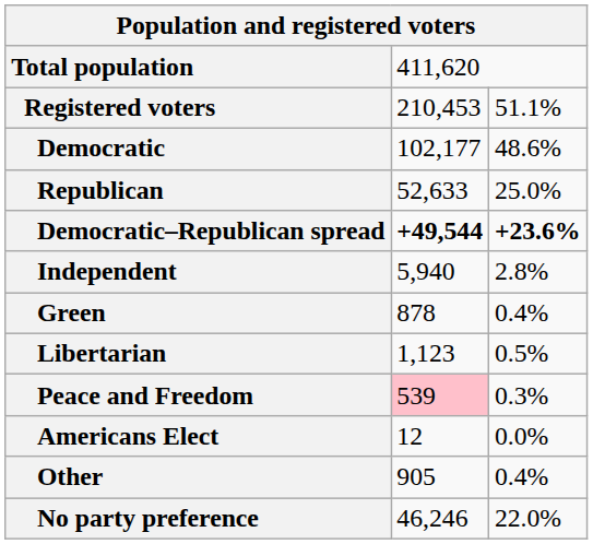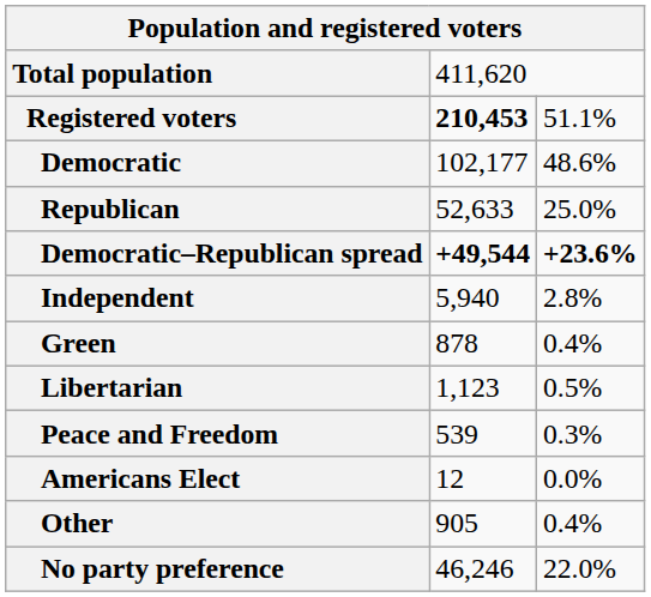 <table class="wikitable collapsible collapsed">
 <tr>
 <th colspan="3">Population and registered voters</th>
 </tr>
 <tr>
 <th scope="row" style="text-align: left;">Total population</th>
 <td colspan="2">411,620</td>
 </tr>
 <tr>
 <th scope="row" style="text-align: left;">  Registered voters</th>
-<td>210,453</td>
+<td><strong>210,453</strong></td>
 <td>51.1%</td>
 </tr>
 <tr>
 <th scope="row" style="text-align: left;">    Democratic</th>
 <td>102,177</td>
 <td>48.6%</td>
 </tr>
 <tr>
 <th scope="row" style="text-align: left;">    Republican</th>
 <td>52,633</td>
 <td>25.0%</td>
 </tr>
 <tr>
 <th scope="row" style="text-align: left;">    Democratic–Republican spread</th>
 <td><span><strong>+49,544</strong></span></td>
 <td><span><strong>+23.6%</strong></span></td>
 </tr>
 <tr>
 <th scope="row" style="text-align: left;">    Independent</th>
 <td>5,940</td>
 <td>2.8%</td>
 </tr>
 <tr>
 <th scope="row" style="text-align: left;">    Green</th>
 <td>878</td>
 <td>0.4%</td>
 </tr>
 <tr>
 <th scope="row" style="text-align: left;">    Libertarian</th>
 <td>1,123</td>
 <td>0.5%</td>
 </tr>
 <tr>
 <th scope="row" style="text-align: left;">    Peace and Freedom</th>
-<td style="background: pink;">539</td>
+<td>539</td>
 <td>0.3%</td>
 </tr>
 <tr>
 <th scope="row" style="text-align: left;">    Americans Elect</th>
 <td>12</td>
 <td>0.0%</td>
 </tr>
 <tr>
 <th scope="row" style="text-align: left;">    Other</th>
 <td>905</td>
 <td>0.4%</td>
 </tr>
 <tr>
 <th scope="row" style="text-align: left;">    No party preference</th>
 <td>46,246</td>
 <td>22.0%</td>
 </tr>
 </table>
